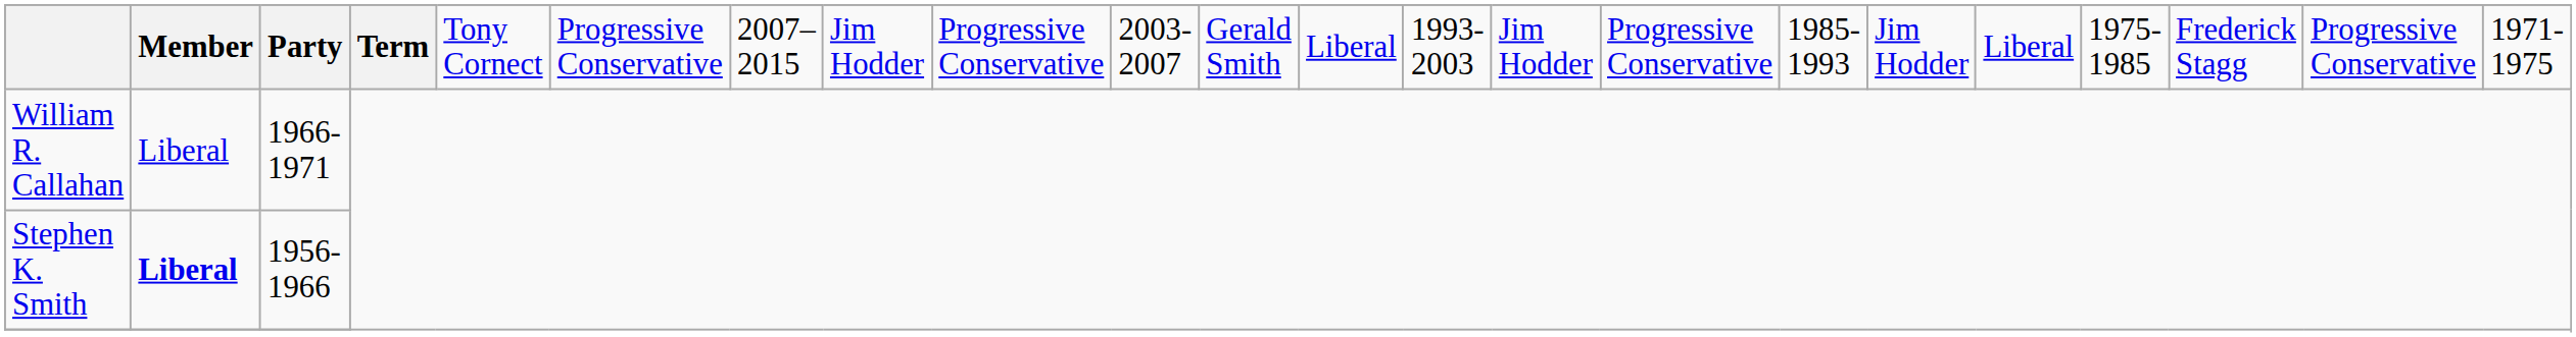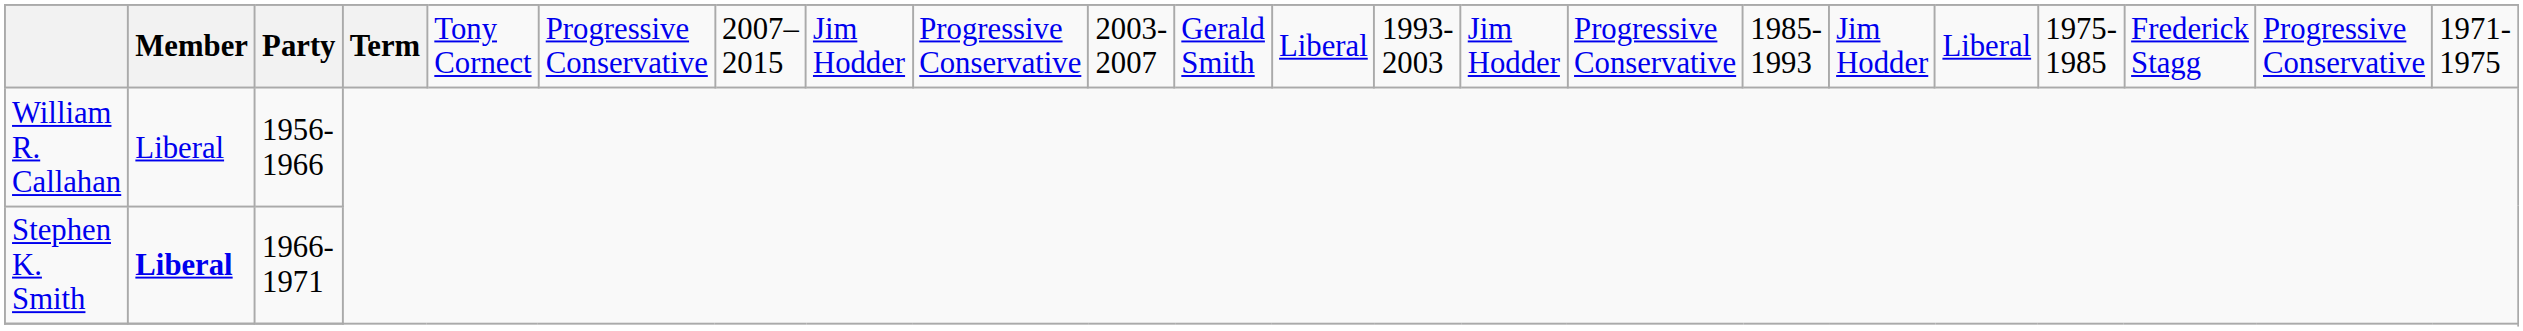 <table class="wikitable">
 <tr>
 <th> </th>
 <th>Member</th>
 <th>Party</th>
 <th>Term<br></th>
 <td><a href='#'>Tony Cornect</a></td>
 <td><a href='#'>Progressive Conservative</a></td>
 <td>2007–2015<br></td>
 <td><a href='#'>Jim Hodder</a></td>
 <td><a href='#'>Progressive Conservative</a></td>
 <td>2003-2007<br></td>
 <td><a href='#'>Gerald Smith</a></td>
 <td><a href='#'>Liberal</a></td>
 <td>1993-2003<br></td>
 <td><a href='#'>Jim Hodder</a></td>
 <td><a href='#'>Progressive Conservative</a></td>
 <td>1985-1993<br></td>
 <td><a href='#'>Jim Hodder</a></td>
 <td><a href='#'>Liberal</a></td>
 <td>1975-1985<br></td>
 <td><a href='#'>Frederick Stagg</a></td>
 <td><a href='#'>Progressive Conservative</a></td>
 <td>1971-1975</td>
 </tr>
 <tr>
 <td><a href='#'>William R. Callahan</a></td>
 <td><a href='#'>Liberal</a></td>
-<td>1966-1971</td>
+<td>1956-1966</td>
 </tr>
 <tr>
 <td><a href='#'>Stephen K. Smith</a></td>
 <td><strong><a href='#'>Liberal</a></strong></td>
-<td>1956-1966</td>
+<td>1966-1971</td>
 </tr>
 <tr>
 </tr>
 </table>
